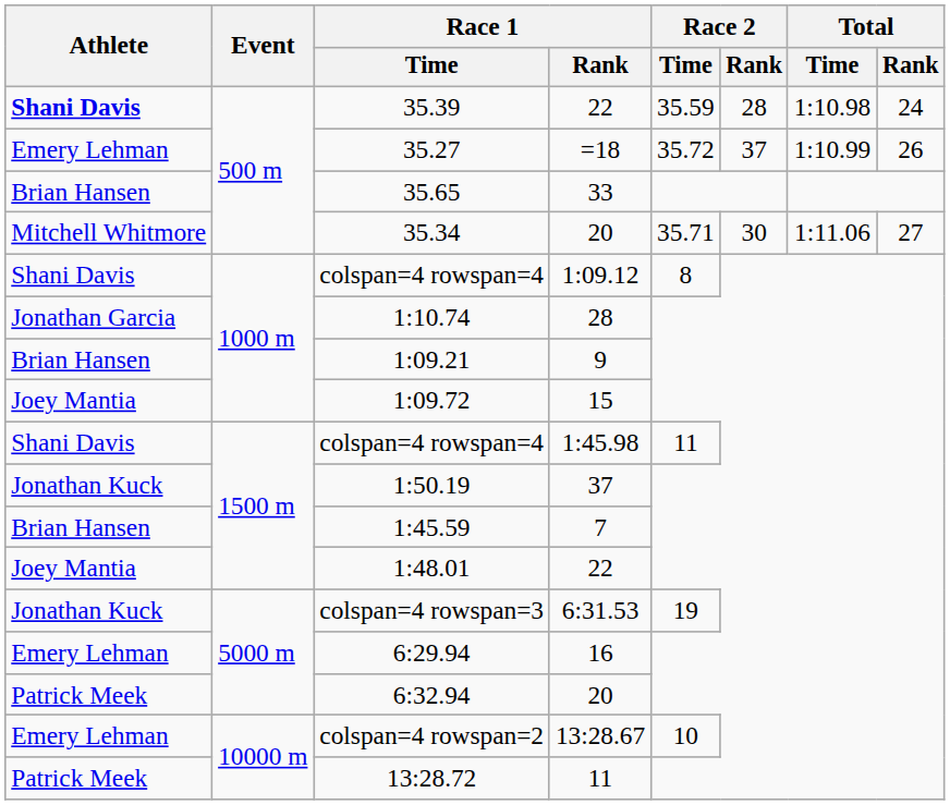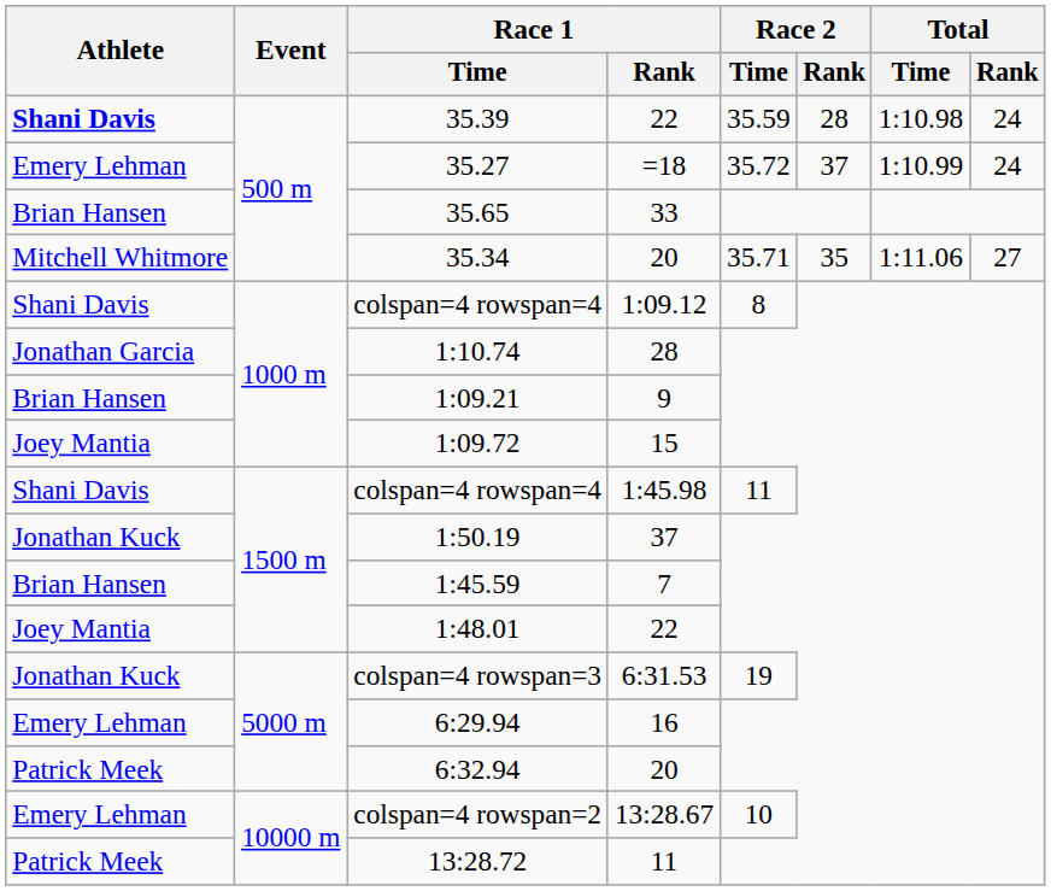 <table class=wikitable style=font-size:90%;text-align:center>
 <tr>
 <th rowspan=2>Athlete</th>
 <th rowspan=2>Event</th>
 <th colspan=2>Race 1</th>
 <th colspan=2>Race 2</th>
 <th colspan=2>Total</th>
 </tr>
 <tr style=font-size:95%>
 <th>Time</th>
 <th>Rank</th>
 <th>Time</th>
 <th>Rank</th>
 <th>Time</th>
 <th>Rank</th>
 </tr>
 <tr>
 <td align=left><strong><a href='#'>Shani Davis</a></strong></td>
 <td align=left rowspan=4><a href='#'>500 m</a></td>
 <td>35.39</td>
 <td>22</td>
 <td>35.59</td>
 <td>28</td>
 <td>1:10.98</td>
 <td>24</td>
 </tr>
 <tr>
 <td align=left><a href='#'>Emery Lehman</a></td>
 <td>35.27</td>
 <td>=18</td>
 <td>35.72</td>
 <td>37</td>
 <td>1:10.99</td>
-<td>26</td>
+<td>24</td>
 </tr>
 <tr>
 <td align=left><a href='#'>Brian Hansen</a></td>
 <td>35.65</td>
 <td>33</td>
 <td colspan=2></td>
 <td colspan=2></td>
 </tr>
 <tr>
 <td align=left><a href='#'>Mitchell Whitmore</a></td>
 <td>35.34</td>
 <td>20</td>
 <td>35.71</td>
-<td>30</td>
+<td>35</td>
 <td>1:11.06</td>
 <td>27</td>
 </tr>
 <tr>
 <td align=left><a href='#'>Shani Davis</a></td>
 <td align=left rowspan=4><a href='#'>1000 m</a></td>
 <td>colspan=4 rowspan=4 </td>
 <td>1:09.12</td>
 <td>8</td>
 </tr>
 <tr>
 <td align=left><a href='#'>Jonathan Garcia</a></td>
 <td>1:10.74</td>
 <td>28</td>
 </tr>
 <tr>
 <td align=left><a href='#'>Brian Hansen</a></td>
 <td>1:09.21</td>
 <td>9</td>
 </tr>
 <tr>
 <td align=left><a href='#'>Joey Mantia</a></td>
 <td>1:09.72</td>
 <td>15</td>
 </tr>
 <tr>
 <td align=left><a href='#'>Shani Davis</a></td>
 <td align=left rowspan=4><a href='#'>1500 m</a></td>
 <td>colspan=4 rowspan=4 </td>
 <td>1:45.98</td>
 <td>11</td>
 </tr>
 <tr>
 <td align=left><a href='#'>Jonathan Kuck</a></td>
 <td>1:50.19</td>
 <td>37</td>
 </tr>
 <tr>
 <td align=left><a href='#'>Brian Hansen</a></td>
 <td>1:45.59</td>
 <td>7</td>
 </tr>
 <tr>
 <td align=left><a href='#'>Joey Mantia</a></td>
 <td>1:48.01</td>
 <td>22</td>
 </tr>
 <tr>
 <td align=left><a href='#'>Jonathan Kuck</a></td>
 <td align=left rowspan=3><a href='#'>5000 m</a></td>
 <td>colspan=4 rowspan=3 </td>
 <td>6:31.53</td>
 <td>19</td>
 </tr>
 <tr>
 <td align=left><a href='#'>Emery Lehman</a></td>
 <td>6:29.94</td>
 <td>16</td>
 </tr>
 <tr>
 <td align=left><a href='#'>Patrick Meek</a></td>
 <td>6:32.94</td>
 <td>20</td>
 </tr>
 <tr>
 <td align=left><a href='#'>Emery Lehman</a></td>
 <td align=left rowspan=2><a href='#'>10000 m</a></td>
 <td>colspan=4 rowspan=2 </td>
 <td>13:28.67</td>
 <td>10</td>
 </tr>
 <tr>
 <td align=left><a href='#'>Patrick Meek</a></td>
 <td>13:28.72</td>
 <td>11</td>
 </tr>
 </table>
